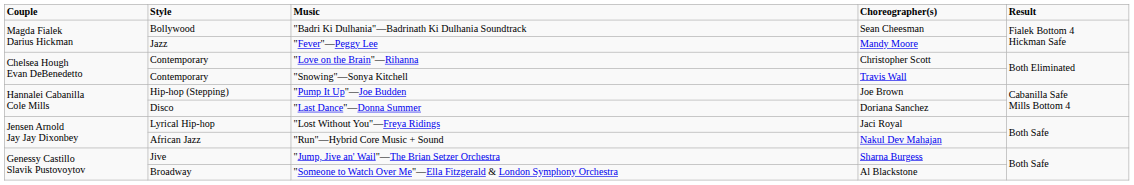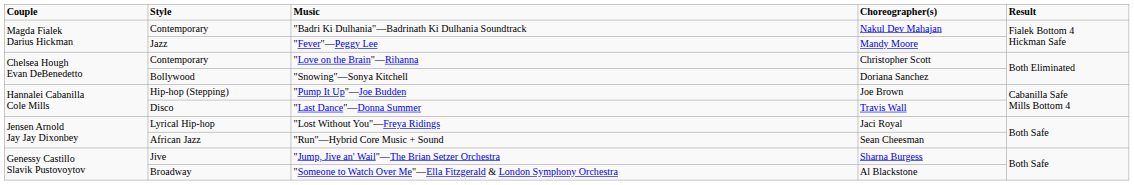 <table class="wikitable" style="width:90%;">
 <tr>
 <td><strong>Couple</strong></td>
 <td><strong>Style</strong></td>
 <td><strong>Music</strong></td>
 <td><strong>Choreographer(s)</strong></td>
 <td><strong>Result</strong></td>
 </tr>
 <tr>
 <td rowspan="2">Magda Fialek<br>Darius Hickman</td>
-<td>Bollywood</td>
+<td>Contemporary</td>
 <td>"Badri Ki Dulhania"—Badrinath Ki Dulhania Soundtrack</td>
-<td>Sean Cheesman</td>
+<td><a href='#'>Nakul Dev Mahajan</a></td>
 <td rowspan="2">Fialek Bottom 4<br>Hickman Safe</td>
 </tr>
 <tr>
 <td>Jazz</td>
 <td>"<a href='#'>Fever</a>"—<a href='#'>Peggy Lee</a></td>
 <td><a href='#'>Mandy Moore</a></td>
 </tr>
 <tr>
 <td rowspan="2">Chelsea Hough<br>Evan DeBenedetto</td>
 <td>Contemporary</td>
 <td>"<a href='#'>Love on the Brain</a>"—<a href='#'>Rihanna</a></td>
 <td>Christopher Scott</td>
 <td rowspan="2">Both Eliminated</td>
 </tr>
 <tr>
-<td>Contemporary</td>
+<td>Bollywood</td>
 <td>"Snowing"—Sonya Kitchell</td>
-<td><a href='#'>Travis Wall</a></td>
+<td>Doriana Sanchez</td>
 </tr>
 <tr>
 <td rowspan="2">Hannalei Cabanilla<br>Cole Mills</td>
 <td>Hip-hop (Stepping)</td>
 <td>"<a href='#'>Pump It Up</a>"—<a href='#'>Joe Budden</a></td>
 <td>Joe Brown</td>
 <td rowspan="2">Cabanilla Safe<br>Mills Bottom 4</td>
 </tr>
 <tr>
 <td>Disco</td>
 <td>"<a href='#'>Last Dance</a>"—<a href='#'>Donna Summer</a></td>
-<td>Doriana Sanchez</td>
+<td><a href='#'>Travis Wall</a></td>
 </tr>
 <tr>
 <td rowspan="2">Jensen Arnold<br>Jay Jay Dixonbey</td>
 <td>Lyrical Hip-hop</td>
 <td>"Lost Without You"—<a href='#'>Freya Ridings</a></td>
 <td>Jaci Royal</td>
 <td rowspan="2">Both Safe</td>
 </tr>
 <tr>
 <td>African Jazz</td>
 <td>"Run"—Hybrid Core Music + Sound</td>
-<td><a href='#'>Nakul Dev Mahajan</a></td>
+<td>Sean Cheesman</td>
 </tr>
 <tr>
 <td rowspan="2">Genessy Castillo<br>Slavik Pustovoytov</td>
 <td>Jive</td>
 <td>"<a href='#'>Jump, Jive an' Wail</a>"—<a href='#'>The Brian Setzer Orchestra</a></td>
 <td><a href='#'>Sharna Burgess</a></td>
 <td rowspan="2">Both Safe</td>
 </tr>
 <tr>
 <td>Broadway</td>
 <td>"<a href='#'>Someone to Watch Over Me</a>"—<a href='#'>Ella Fitzgerald</a> & <a href='#'>London Symphony Orchestra</a></td>
 <td>Al Blackstone</td>
 </tr>
 </table>
